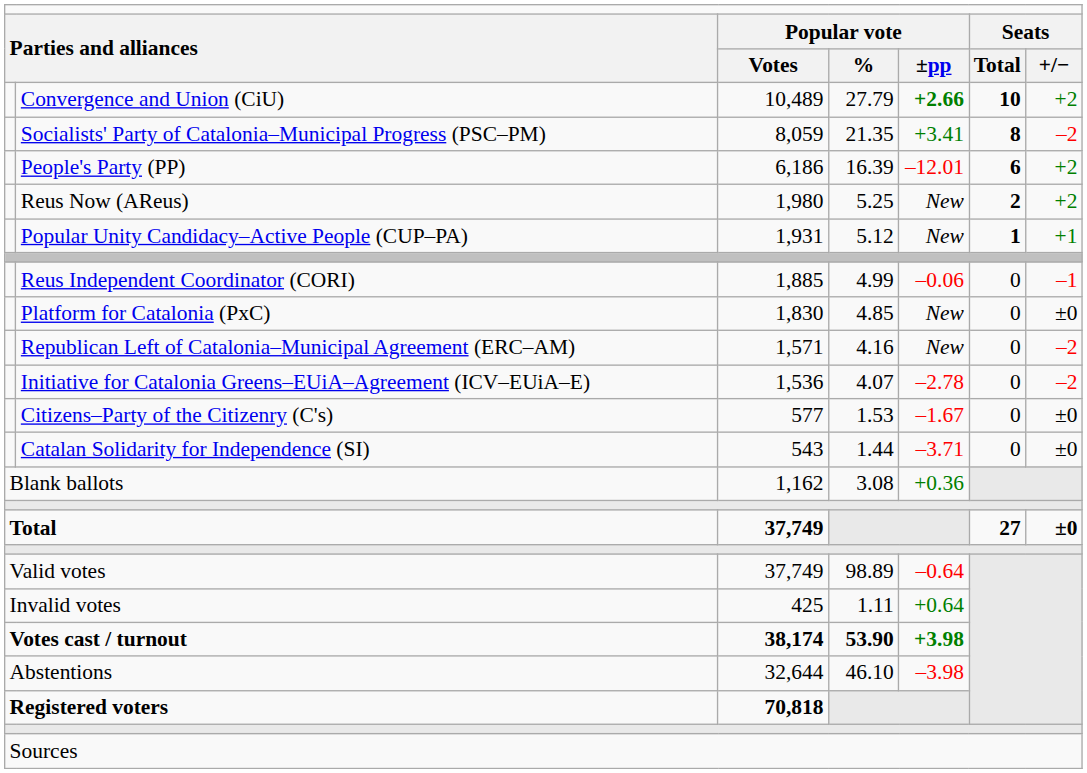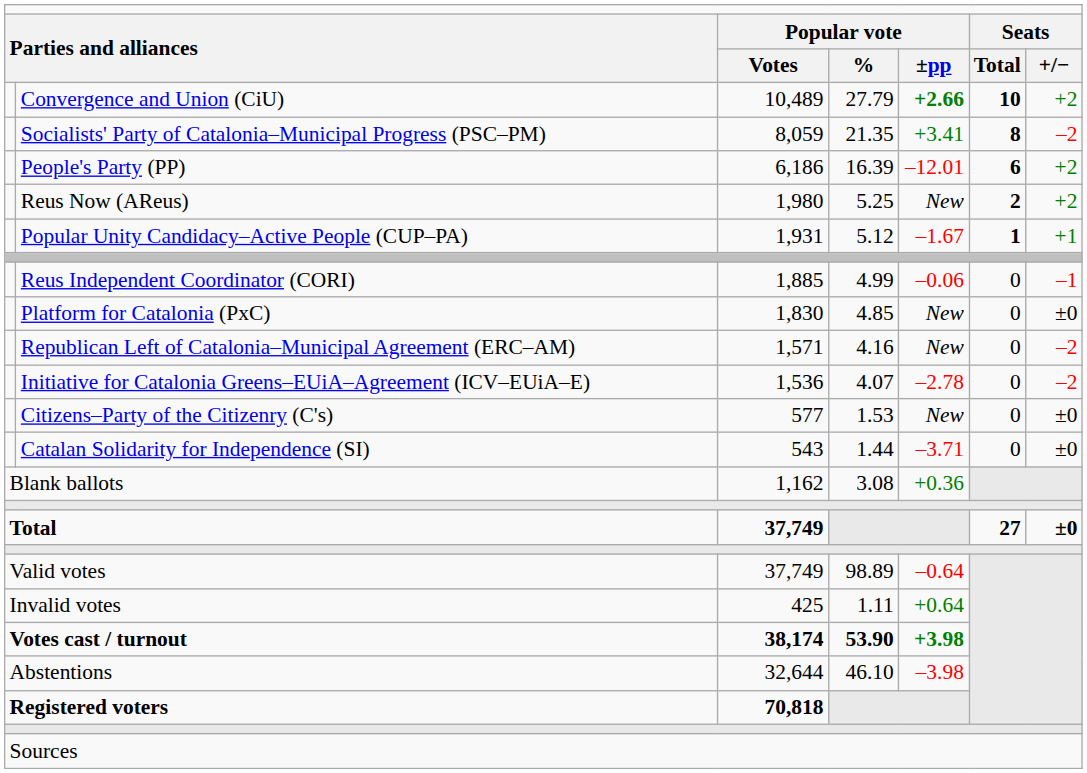 <table class="wikitable" style="text-align:right;">
 <tr>
 <td colspan="7"></td>
 </tr>
 <tr>
 <th style="text-align:left;" rowspan="2" colspan="2" width="525">Parties and alliances</th>
 <th colspan="3">Popular vote</th>
 <th colspan="2">Seats</th>
 </tr>
 <tr>
 <th width="75">Votes</th>
 <th width="45">%</th>
 <th width="45">±<a href='#'>pp</a></th>
 <th width="35">Total</th>
 <th width="35">+/−</th>
 </tr>
 <tr>
 <td width="1" style="color:inherit;background:"></td>
 <td align="left"><a href='#'>Convergence and Union</a> (CiU)</td>
 <td>10,489</td>
 <td>27.79</td>
 <td style="color:green;"><strong>+2.66</strong></td>
 <td><strong>10</strong></td>
 <td style="color:green;">+2</td>
 </tr>
 <tr>
 <td style="color:inherit;background:"></td>
 <td align="left"><a href='#'>Socialists' Party of Catalonia–Municipal Progress</a> (PSC–PM)</td>
 <td>8,059</td>
 <td>21.35</td>
 <td style="color:green;">+3.41</td>
 <td><strong>8</strong></td>
 <td style="color:red;">–2</td>
 </tr>
 <tr>
 <td style="color:inherit;background:"></td>
 <td align="left"><a href='#'>People's Party</a> (PP)</td>
 <td>6,186</td>
 <td>16.39</td>
 <td style="color:red;">–12.01</td>
 <td><strong>6</strong></td>
 <td style="color:green;">+2</td>
 </tr>
 <tr>
 <td style="color:inherit;background:"></td>
 <td align="left">Reus Now (AReus)</td>
 <td>1,980</td>
 <td>5.25</td>
 <td><em>New</em></td>
 <td><strong>2</strong></td>
 <td style="color:green;">+2</td>
 </tr>
 <tr>
 <td style="color:inherit;background:"></td>
 <td align="left"><a href='#'>Popular Unity Candidacy–Active People</a> (CUP–PA)</td>
 <td>1,931</td>
 <td>5.12</td>
-<td><em>New</em></td>
+<td style="color:red;">–1.67</td>
 <td><strong>1</strong></td>
 <td style="color:green;">+1</td>
 </tr>
 <tr>
 <td colspan="7" style="color:inherit;background:#C0C0C0"></td>
 </tr>
 <tr>
 <td style="color:inherit;background:"></td>
 <td align="left"><a href='#'>Reus Independent Coordinator</a> (CORI)</td>
 <td>1,885</td>
 <td>4.99</td>
 <td style="color:red;">–0.06</td>
 <td>0</td>
 <td style="color:red;">–1</td>
 </tr>
 <tr>
 <td style="color:inherit;background:"></td>
 <td align="left"><a href='#'>Platform for Catalonia</a> (PxC)</td>
 <td>1,830</td>
 <td>4.85</td>
 <td><em>New</em></td>
 <td>0</td>
 <td>±0</td>
 </tr>
 <tr>
 <td style="color:inherit;background:"></td>
 <td align="left"><a href='#'>Republican Left of Catalonia–Municipal Agreement</a> (ERC–AM)</td>
 <td>1,571</td>
 <td>4.16</td>
 <td><em>New</em></td>
 <td>0</td>
 <td style="color:red;">–2</td>
 </tr>
 <tr>
 <td style="color:inherit;background:"></td>
 <td align="left"><a href='#'>Initiative for Catalonia Greens–EUiA–Agreement</a> (ICV–EUiA–E)</td>
 <td>1,536</td>
 <td>4.07</td>
 <td style="color:red;">–2.78</td>
 <td>0</td>
 <td style="color:red;">–2</td>
 </tr>
 <tr>
 <td style="color:inherit;background:"></td>
 <td align="left"><a href='#'>Citizens–Party of the Citizenry</a> (C's)</td>
 <td>577</td>
 <td>1.53</td>
-<td style="color:red;">–1.67</td>
+<td><em>New</em></td>
 <td>0</td>
 <td>±0</td>
 </tr>
 <tr>
 <td style="color:inherit;background:"></td>
 <td align="left"><a href='#'>Catalan Solidarity for Independence</a> (SI)</td>
 <td>543</td>
 <td>1.44</td>
 <td style="color:red;">–3.71</td>
 <td>0</td>
 <td>±0</td>
 </tr>
 <tr>
 <td align="left" colspan="2">Blank ballots</td>
 <td>1,162</td>
 <td>3.08</td>
 <td style="color:green;">+0.36</td>
 <td style="color:inherit;background:#E9E9E9" colspan="2"></td>
 </tr>
 <tr>
 <td colspan="7" style="color:inherit;background:#E9E9E9"></td>
 </tr>
 <tr style="font-weight:bold;">
 <td align="left" colspan="2">Total</td>
 <td>37,749</td>
 <td bgcolor="#E9E9E9" colspan="2"></td>
 <td>27</td>
 <td>±0</td>
 </tr>
 <tr>
 <td colspan="7" style="color:inherit;background:#E9E9E9"></td>
 </tr>
 <tr>
 <td align="left" colspan="2">Valid votes</td>
 <td>37,749</td>
 <td>98.89</td>
 <td style="color:red;">–0.64</td>
 <td bgcolor="#E9E9E9" colspan="2" rowspan="5"></td>
 </tr>
 <tr>
 <td align="left" colspan="2">Invalid votes</td>
 <td>425</td>
 <td>1.11</td>
 <td style="color:green;">+0.64</td>
 </tr>
 <tr style="font-weight:bold;">
 <td align="left" colspan="2">Votes cast / turnout</td>
 <td>38,174</td>
 <td>53.90</td>
 <td style="color:green;">+3.98</td>
 </tr>
 <tr>
 <td align="left" colspan="2">Abstentions</td>
 <td>32,644</td>
 <td>46.10</td>
 <td style="color:red;">–3.98</td>
 </tr>
 <tr style="font-weight:bold;">
 <td align="left" colspan="2">Registered voters</td>
 <td>70,818</td>
 <td bgcolor="#E9E9E9" colspan="2"></td>
 </tr>
 <tr>
 <td colspan="7" style="color:inherit;background:#E9E9E9"></td>
 </tr>
 <tr>
 <td align="left" colspan="7">Sources</td>
 </tr>
 </table>
